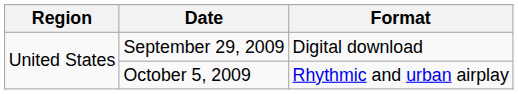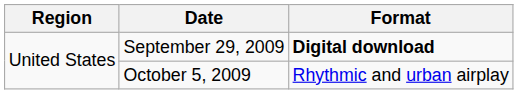 <table class="wikitable">
 <tr>
 <th>Region</th>
 <th>Date</th>
 <th>Format</th>
 </tr>
 <tr>
 <td rowspan="2">United States</td>
 <td>September 29, 2009</td>
-<td>Digital download</td>
+<td><strong>Digital download</strong></td>
 </tr>
 <tr>
 <td>October 5, 2009</td>
 <td><a href='#'>Rhythmic</a> and <a href='#'>urban</a> airplay</td>
 </tr>
 </table>
